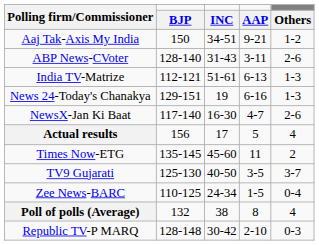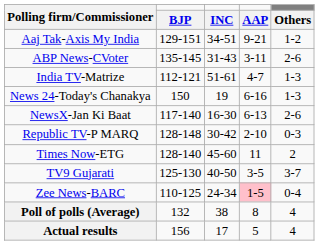 <table class="wikitable" style="text-align:center;font-size:95%;line-height:16px;">
 <tr>
 <th rowspan="2" class="wikitable">Polling firm/Commissioner</th>
 <td></td>
 <td></td>
 <td></td>
 <td style="background:gray;"></td>
 </tr>
 <tr>
 <th class="wikitable"><a href='#'>BJP</a></th>
 <th class="wikitable"><a href='#'>INC</a></th>
 <th class="wikitable"><a href='#'>AAP</a></th>
 <th class="wikitable">Others</th>
 </tr>
 <tr>
 <td><a href='#'>Aaj Tak</a>-<a href='#'>Axis My India</a></td>
-<td style="background:">150</td>
+<td style="background:">129-151</td>
 <td>34-51</td>
 <td>9-21</td>
 <td>1-2</td>
 </tr>
 <tr>
 <td><a href='#'>ABP News</a>-<a href='#'>CVoter</a></td>
-<td style="background:">128-140</td>
+<td style="background:">135-145</td>
 <td>31-43</td>
 <td>3-11</td>
 <td>2-6</td>
 </tr>
 <tr>
 <td><a href='#'>India TV</a>-Matrize</td>
 <td style="background:">112-121</td>
 <td>51-61</td>
-<td>6-13</td>
+<td>4-7</td>
 <td>1-3</td>
 </tr>
 <tr>
 <td><a href='#'>News 24</a>-Today's Chanakya</td>
-<td style="background:">129-151</td>
+<td style="background:">150</td>
 <td>19</td>
 <td>6-16</td>
 <td>1-3</td>
 </tr>
 <tr>
 <td><a href='#'>NewsX</a>-Jan Ki Baat</td>
 <td style="background:">117-140</td>
 <td>16-30</td>
-<td>4-7</td>
+<td>6-13</td>
 <td>2-6</td>
 </tr>
 <tr>
-<th>Actual results</th>
-<td style="background:">156</td>
-<td>17</td>
-<td>5</td>
-<td>4</td>
+<td><a href='#'>Republic TV</a>-P MARQ</td>
+<td style="background:">128-148</td>
+<td>30-42</td>
+<td>2-10</td>
+<td>0-3</td>
 </tr>
 <tr>
 <td><a href='#'>Times Now</a>-ETG</td>
-<td style="background:">135-145</td>
+<td style="background:">128-140</td>
 <td>45-60</td>
 <td>11</td>
 <td>2</td>
 </tr>
 <tr>
 <td><a href='#'>TV9 Gujarati</a></td>
 <td style="background:">125-130</td>
 <td>40-50</td>
 <td>3-5</td>
 <td>3-7</td>
 </tr>
 <tr>
 <td><a href='#'>Zee News</a>-<a href='#'>BARC</a></td>
 <td style="background:">110-125</td>
 <td>24-34</td>
-<td>1-5</td>
+<td style="background: pink;">1-5</td>
 <td>0-4</td>
 </tr>
 <tr>
 <th>Poll of polls (Average)</th>
 <td style="background:">132</td>
 <td>38</td>
 <td>8</td>
 <td>4</td>
 </tr>
 <tr>
-<td><a href='#'>Republic TV</a>-P MARQ</td>
-<td style="background:">128-148</td>
-<td>30-42</td>
-<td>2-10</td>
-<td>0-3</td>
+<th>Actual results</th>
+<td style="background:">156</td>
+<td>17</td>
+<td>5</td>
+<td>4</td>
 </tr>
 </table>
